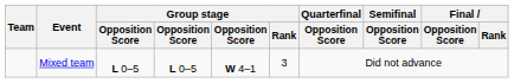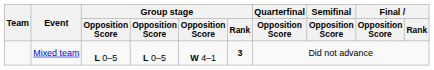 <table class=wikitable style=font-size:90%;text-align:center>
 <tr>
 <th rowspan=2>Team</th>
 <th rowspan=2>Event</th>
 <th colspan=4>Group stage</th>
 <th>Quarterfinal</th>
 <th>Semifinal</th>
 <th colspan=2>Final / </th>
 </tr>
 <tr style=font-size:95%>
 <th>Opposition<br>Score</th>
 <th>Opposition<br>Score</th>
 <th>Opposition<br>Score</th>
 <th>Rank</th>
 <th>Opposition<br>Score</th>
 <th>Opposition<br>Score</th>
 <th>Opposition<br>Score</th>
 <th>Rank</th>
 </tr>
 <tr>
 <td align=left></td>
 <td align=left><a href='#'>Mixed team</a></td>
 <td><br><strong>L</strong> 0–5</td>
 <td><br><strong>L</strong> 0–5</td>
 <td><br><strong>W</strong> 4–1</td>
-<td>3</td>
+<td><strong>3</strong></td>
 <td colspan=4>Did not advance</td>
 </tr>
 </table>
